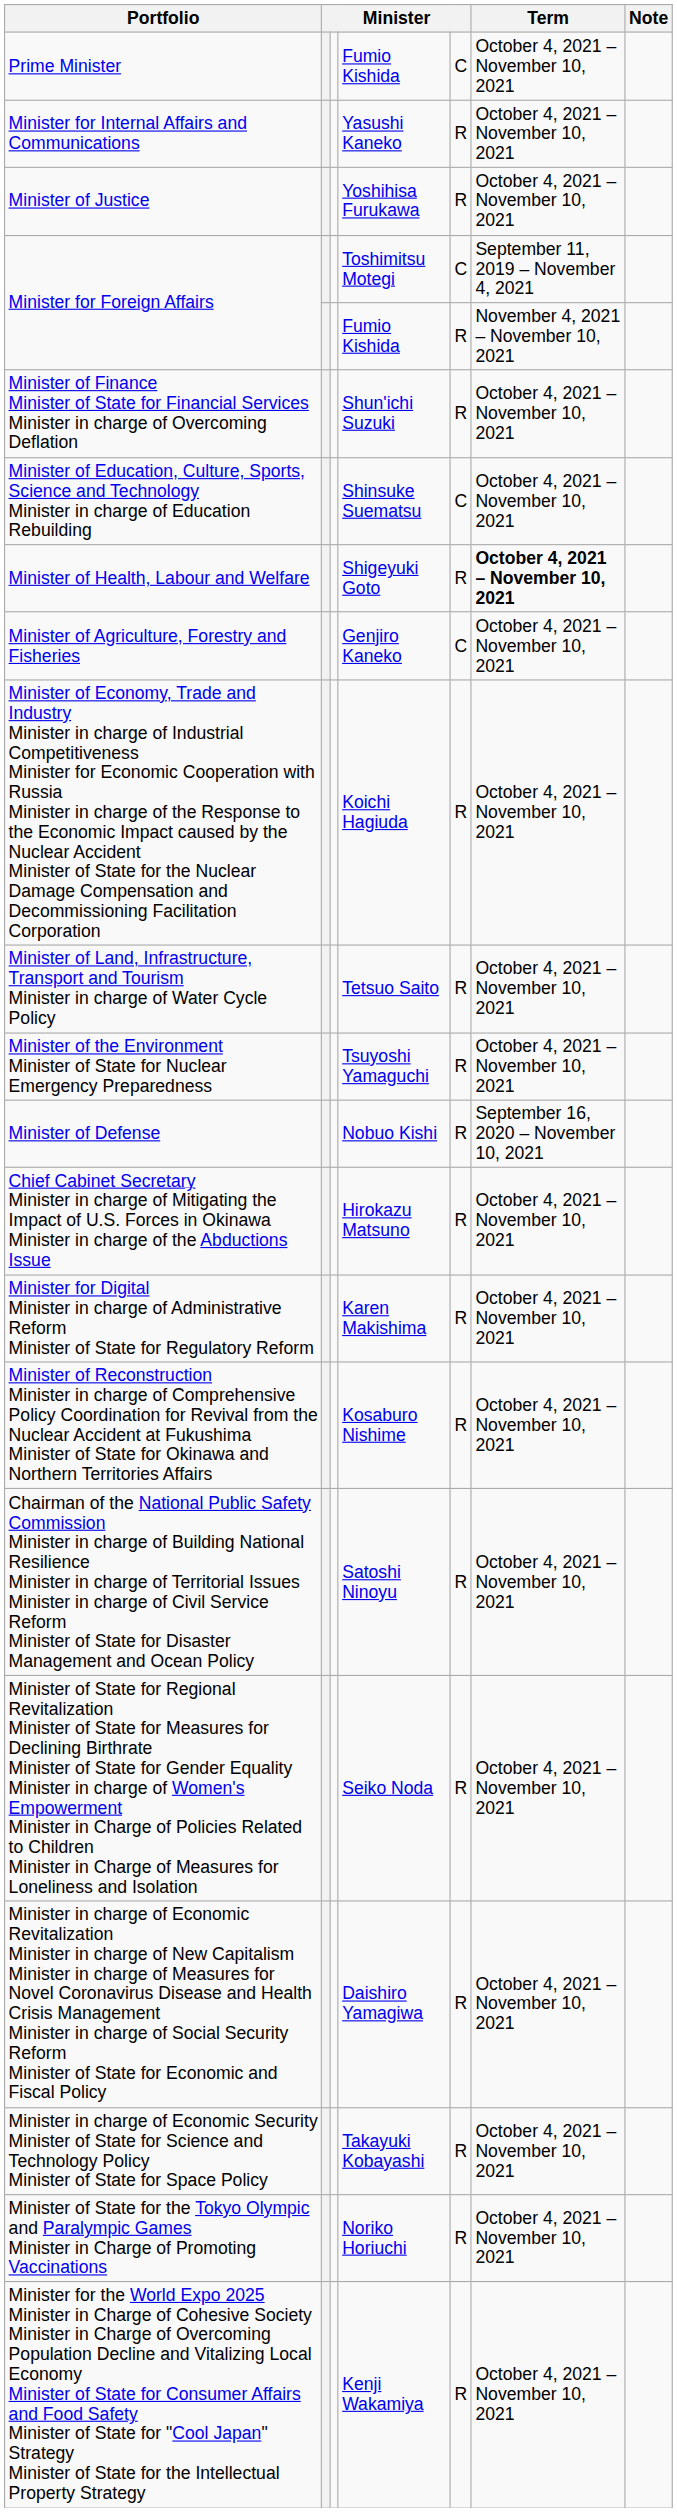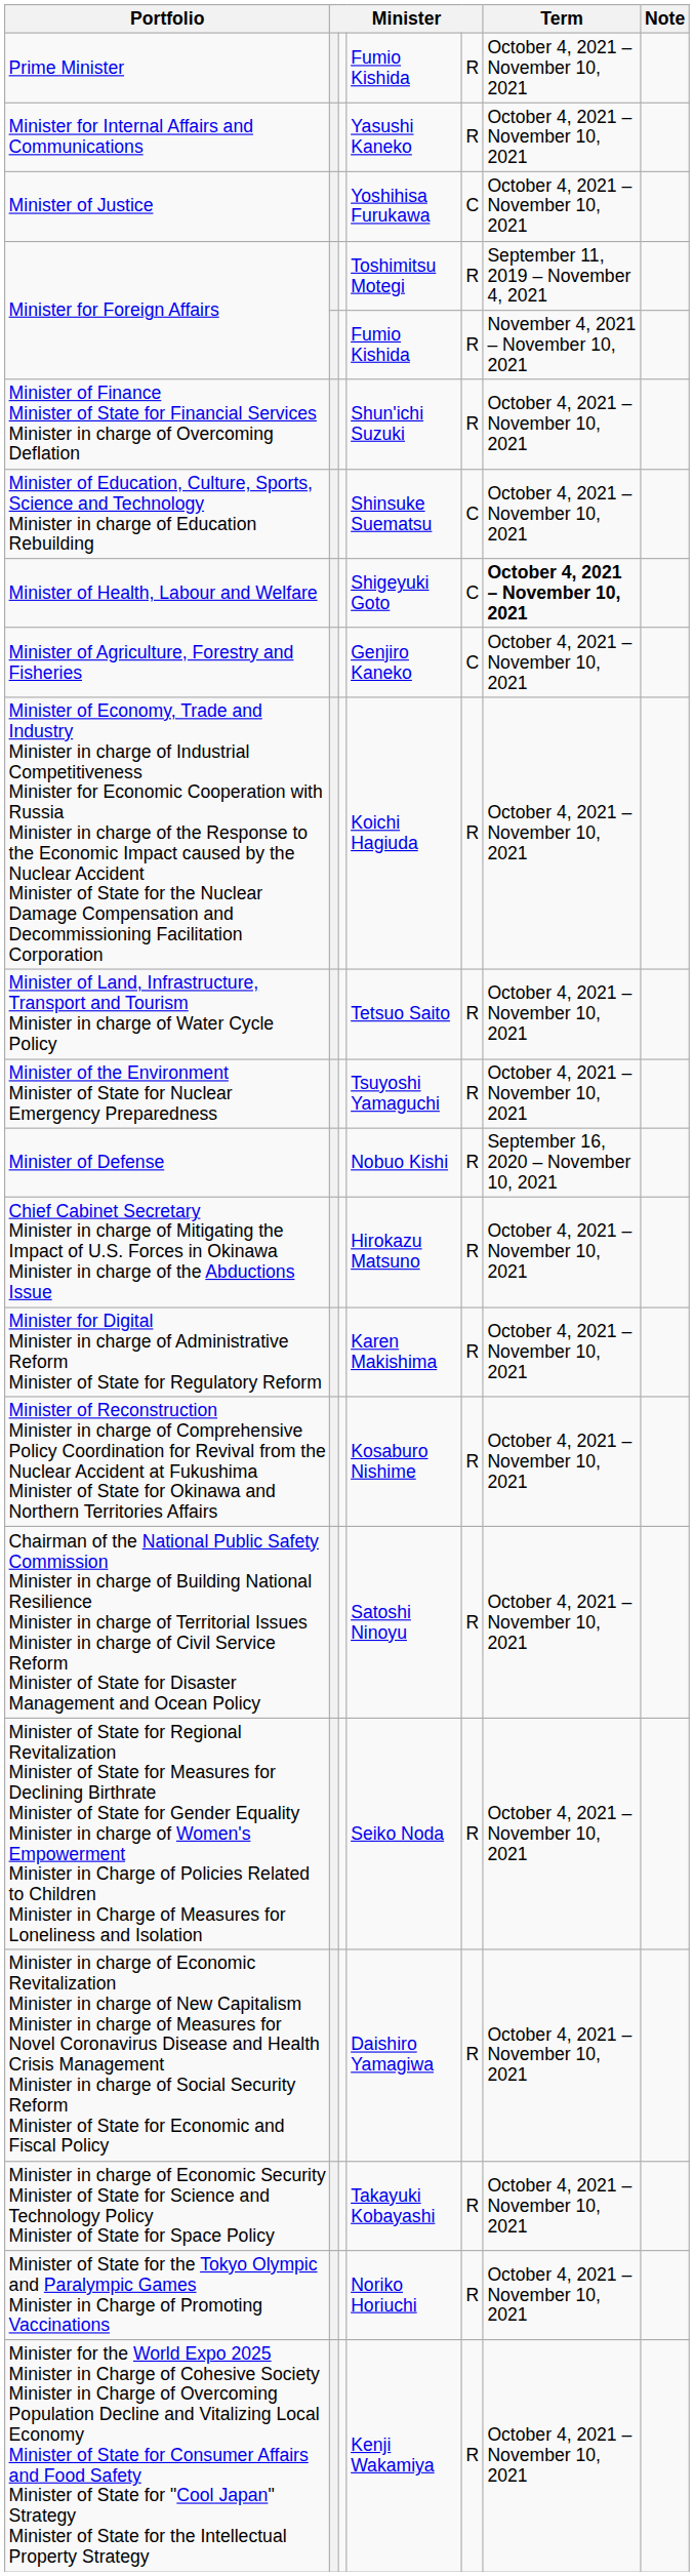 <table class="wikitable">
 <tr>
 <th>Portfolio</th>
 <th colspan="4">Minister</th>
 <th>Term</th>
 <th>Note</th>
 </tr>
 <tr>
 <td><a href='#'>Prime Minister</a></td>
 <th style="color:inherit;background-color: "></th>
 <td></td>
 <td><a href='#'>Fumio Kishida</a></td>
-<td>C</td>
+<td>R</td>
 <td>October 4, 2021 – November 10, 2021</td>
 <td></td>
 </tr>
 <tr>
 <td><a href='#'>Minister for Internal Affairs and Communications</a></td>
 <th style="color:inherit;background-color: "></th>
 <td></td>
 <td><a href='#'>Yasushi Kaneko</a></td>
 <td>R</td>
 <td>October 4, 2021 – November 10, 2021</td>
 <td></td>
 </tr>
 <tr>
 <td><a href='#'>Minister of Justice</a></td>
 <th style="color:inherit;background-color: "></th>
 <td></td>
 <td><a href='#'>Yoshihisa Furukawa</a></td>
-<td>R</td>
+<td>C</td>
 <td>October 4, 2021 – November 10, 2021</td>
 <td></td>
 </tr>
 <tr>
 <td rowspan=2><a href='#'>Minister for Foreign Affairs</a></td>
 <th style="color:inherit;background-color: "></th>
 <td></td>
 <td><a href='#'>Toshimitsu Motegi</a></td>
-<td>C</td>
+<td>R</td>
 <td>September 11, 2019 – November 4, 2021</td>
 <td></td>
 </tr>
 <tr>
 <th style="color:inherit;background-color: "></th>
 <td></td>
 <td><a href='#'>Fumio Kishida</a></td>
 <td>R</td>
 <td>November 4, 2021 – November 10, 2021</td>
 <td></td>
 </tr>
 <tr>
 <td><a href='#'>Minister of Finance</a><br><a href='#'>Minister of State for Financial Services</a><br>Minister in charge of Overcoming Deflation</td>
 <th style="color:inherit;background-color: "></th>
 <td></td>
 <td><a href='#'>Shun'ichi Suzuki</a></td>
 <td>R</td>
 <td>October 4, 2021 – November 10, 2021</td>
 <td></td>
 </tr>
 <tr>
 <td><a href='#'>Minister of Education, Culture, Sports, Science and Technology</a><br>Minister in charge of Education Rebuilding</td>
 <th style="color:inherit;background-color: "></th>
 <td></td>
 <td><a href='#'>Shinsuke Suematsu</a></td>
 <td>C</td>
 <td>October 4, 2021 – November 10, 2021</td>
 <td></td>
 </tr>
 <tr>
 <td><a href='#'>Minister of Health, Labour and Welfare</a></td>
 <th style="color:inherit;background-color: "></th>
 <td></td>
 <td><a href='#'>Shigeyuki Goto</a></td>
-<td>R</td>
+<td>C</td>
 <td><strong>October 4, 2021 – November 10, 2021</strong></td>
 <td></td>
 </tr>
 <tr>
 <td><a href='#'>Minister of Agriculture, Forestry and Fisheries</a></td>
 <th style="color:inherit;background-color: "></th>
 <td></td>
 <td><a href='#'>Genjiro Kaneko</a></td>
 <td>C</td>
 <td>October 4, 2021 – November 10, 2021</td>
 <td></td>
 </tr>
 <tr>
 <td><a href='#'>Minister of Economy, Trade and Industry</a><br>Minister in charge of Industrial Competitiveness<br>Minister for Economic Cooperation with Russia<br>Minister in charge of the Response to the Economic Impact caused by the Nuclear Accident<br>Minister of State for the Nuclear Damage Compensation and Decommissioning Facilitation Corporation</td>
 <th style="color:inherit;background-color: "></th>
 <td></td>
 <td><a href='#'>Koichi Hagiuda</a></td>
 <td>R</td>
 <td>October 4, 2021 – November 10, 2021</td>
 <td></td>
 </tr>
 <tr>
 <td><a href='#'>Minister of Land, Infrastructure, Transport and Tourism</a><br>Minister in charge of Water Cycle Policy</td>
 <th style="color:inherit;background-color: "></th>
 <td></td>
 <td><a href='#'>Tetsuo Saito</a></td>
 <td>R</td>
 <td>October 4, 2021 – November 10, 2021</td>
 <td></td>
 </tr>
 <tr>
 <td><a href='#'>Minister of the Environment</a><br>Minister of State for Nuclear Emergency Preparedness</td>
 <th style="color:inherit;background-color: "></th>
 <td></td>
 <td><a href='#'>Tsuyoshi Yamaguchi</a></td>
 <td>R</td>
 <td>October 4, 2021 – November 10, 2021</td>
 <td></td>
 </tr>
 <tr>
 <td><a href='#'>Minister of Defense</a></td>
 <th style="color:inherit;background-color: "></th>
 <td></td>
 <td><a href='#'>Nobuo Kishi</a></td>
 <td>R</td>
 <td>September 16, 2020 – November 10, 2021</td>
 <td></td>
 </tr>
 <tr>
 <td><a href='#'>Chief Cabinet Secretary</a><br>Minister in charge of Mitigating the Impact of U.S. Forces in Okinawa<br>Minister in charge of the <a href='#'>Abductions Issue</a></td>
 <th style="color:inherit;background-color: "></th>
 <td></td>
 <td><a href='#'>Hirokazu Matsuno</a></td>
 <td>R</td>
 <td>October 4, 2021 – November 10, 2021</td>
 <td></td>
 </tr>
 <tr>
 <td><a href='#'>Minister for Digital</a><br>Minister in charge of Administrative Reform<br>Minister of State for Regulatory Reform</td>
 <th style="color:inherit;background-color: "></th>
 <td></td>
 <td><a href='#'>Karen Makishima</a></td>
 <td>R</td>
 <td>October 4, 2021 – November 10, 2021</td>
 <td></td>
 </tr>
 <tr>
 <td><a href='#'>Minister of Reconstruction</a><br>Minister in charge of Comprehensive Policy Coordination for Revival from the Nuclear Accident at Fukushima<br>Minister of State for Okinawa and Northern Territories Affairs</td>
 <th style="color:inherit;background-color: "></th>
 <td></td>
 <td><a href='#'>Kosaburo Nishime</a></td>
 <td>R</td>
 <td>October 4, 2021 – November 10, 2021</td>
 <td></td>
 </tr>
 <tr>
 <td>Chairman of the <a href='#'>National Public Safety Commission</a><br>Minister in charge of Building National Resilience<br>Minister in charge of Territorial Issues<br>Minister in charge of Civil Service Reform<br>Minister of State for Disaster Management and Ocean Policy</td>
 <th style="color:inherit;background-color: "></th>
 <td></td>
 <td><a href='#'>Satoshi Ninoyu</a></td>
 <td>R</td>
 <td>October 4, 2021 – November 10, 2021</td>
 <td></td>
 </tr>
 <tr>
 <td>Minister of State for Regional Revitalization<br>Minister of State for Measures for Declining Birthrate<br>Minister of State for Gender Equality<br>Minister in charge of <a href='#'>Women's Empowerment</a><br>Minister in Charge of Policies Related to Children<br>Minister in Charge of Measures for Loneliness and Isolation</td>
 <th style="color:inherit;background-color: "></th>
 <td></td>
 <td><a href='#'>Seiko Noda</a></td>
 <td>R</td>
 <td>October 4, 2021 – November 10, 2021</td>
 <td></td>
 </tr>
 <tr>
 <td>Minister in charge of Economic Revitalization<br>Minister in charge of New Capitalism<br>Minister in charge of Measures for Novel Coronavirus Disease and Health Crisis Management<br>Minister in charge of Social Security Reform<br>Minister of State for Economic and Fiscal Policy</td>
 <th style="color:inherit;background-color: "></th>
 <td></td>
 <td><a href='#'>Daishiro Yamagiwa</a></td>
 <td>R</td>
 <td>October 4, 2021 – November 10, 2021</td>
 <td></td>
 </tr>
 <tr>
 <td>Minister in charge of Economic Security<br>Minister of State for Science and Technology Policy<br>Minister of State for Space Policy</td>
 <th style="color:inherit;background-color: "></th>
 <td></td>
 <td><a href='#'>Takayuki Kobayashi</a></td>
 <td>R</td>
 <td>October 4, 2021 – November 10, 2021</td>
 <td></td>
 </tr>
 <tr>
 <td>Minister of State for the <a href='#'>Tokyo Olympic</a> and <a href='#'>Paralympic Games</a><br>Minister in Charge of Promoting <a href='#'>Vaccinations</a></td>
 <th style="color:inherit;background-color: "></th>
 <td></td>
 <td><a href='#'>Noriko Horiuchi</a></td>
 <td>R</td>
 <td>October 4, 2021 – November 10, 2021</td>
 <td></td>
 </tr>
 <tr>
 <td>Minister for the <a href='#'>World Expo 2025</a><br>Minister in Charge of Cohesive Society<br>Minister in Charge of Overcoming Population Decline and Vitalizing Local Economy<br><a href='#'>Minister of State for Consumer Affairs and Food Safety</a><br>Minister of State for "<a href='#'>Cool Japan</a>" Strategy<br>Minister of State for the Intellectual Property Strategy</td>
 <th style="color:inherit;background-color: "></th>
 <td></td>
 <td><a href='#'>Kenji Wakamiya</a></td>
 <td>R</td>
 <td>October 4, 2021 – November 10, 2021</td>
 <td></td>
 </tr>
 </table>
